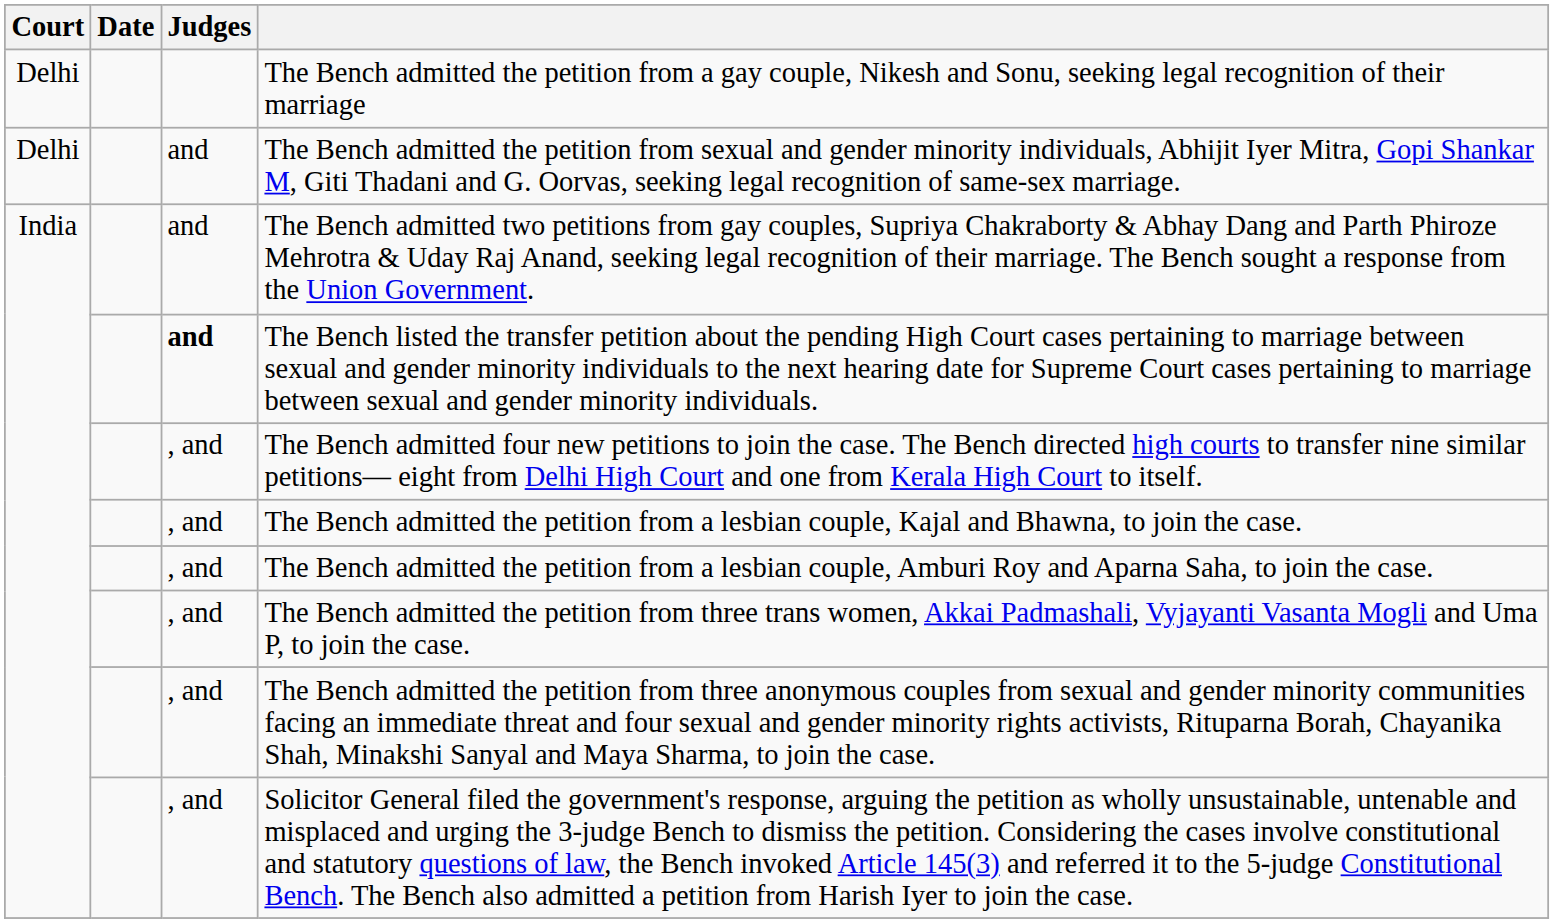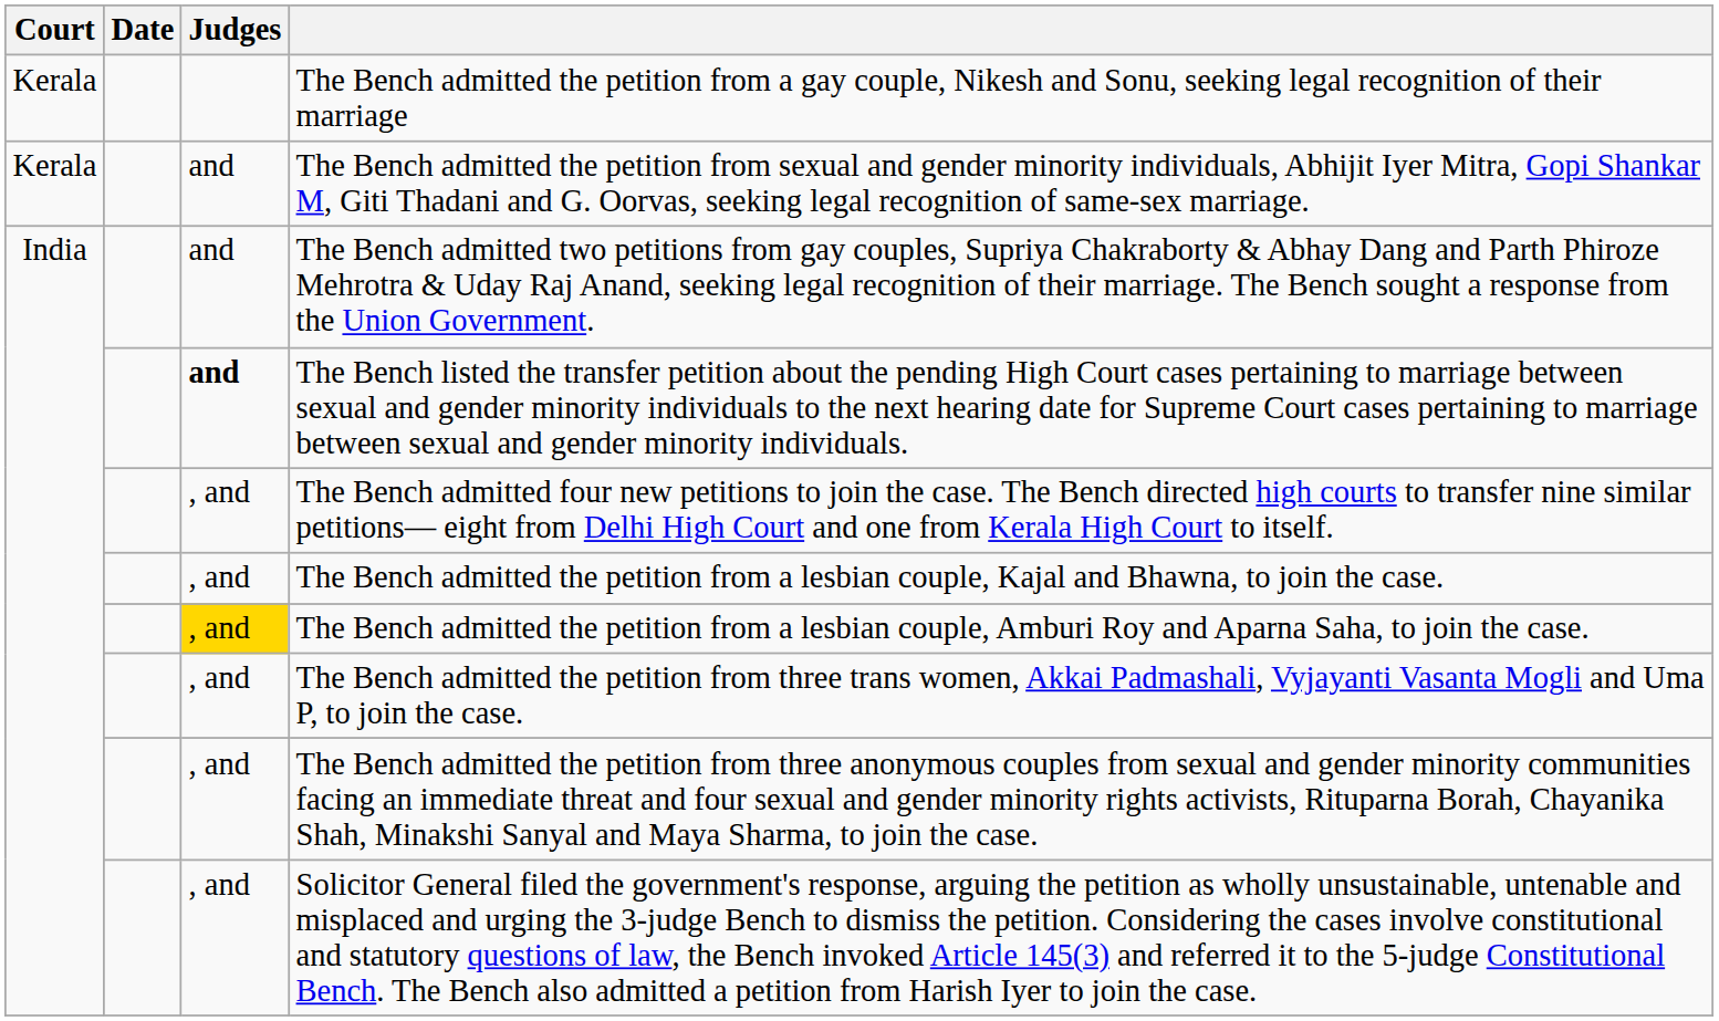 <table class="wikitable">
 <tr>
 <th>Court</th>
 <th>Date</th>
 <th>Judges</th>
 <th></th>
 </tr>
 <tr style="vertical-align: top;">
-<td style="text-align: center;"> Delhi</td>
+<td style="text-align: center;"> Kerala</td>
 <td></td>
 <td></td>
 <td>The Bench admitted the petition from a gay couple, Nikesh and Sonu, seeking legal recognition of their marriage</td>
 </tr>
 <tr style="vertical-align: top;">
-<td style="text-align: center;"> Delhi</td>
+<td style="text-align: center;"> Kerala</td>
 <td></td>
 <td> and </td>
 <td>The Bench admitted the petition from sexual and gender minority individuals, Abhijit Iyer Mitra, <a href='#'>Gopi Shankar M</a>, Giti Thadani and G. Oorvas, seeking legal recognition of same-sex marriage.</td>
 </tr>
 <tr style="vertical-align: top;">
 <td rowspan="8" style="text-align: center;"> India</td>
 <td></td>
 <td> and </td>
 <td>The Bench admitted two petitions from gay couples, Supriya Chakraborty & Abhay Dang and Parth Phiroze Mehrotra & Uday Raj Anand, seeking legal recognition of their marriage. The Bench sought a response from the <a href='#'>Union Government</a>.</td>
 </tr>
 <tr style="vertical-align: top;">
 <td></td>
 <td><strong> and </strong></td>
 <td>The Bench listed the transfer petition about the pending High Court cases pertaining to marriage between sexual and gender minority individuals to the next hearing date for Supreme Court cases pertaining to marriage between sexual and gender minority individuals.</td>
 </tr>
 <tr style="vertical-align: top;">
 <td></td>
 <td>,  and </td>
 <td>The Bench admitted four new petitions to join the case.  The Bench directed <a href='#'>high courts</a> to transfer nine similar petitions— eight from <a href='#'>Delhi High Court</a> and one from <a href='#'>Kerala High Court</a> to itself.</td>
 </tr>
 <tr style="vertical-align: top;">
 <td></td>
 <td>,  and </td>
 <td>The Bench admitted the petition from a lesbian couple, Kajal and Bhawna, to join the case.</td>
 </tr>
 <tr style="vertical-align: top;">
 <td></td>
-<td>,  and </td>
+<td style="background: gold;">,  and </td>
 <td>The Bench admitted the petition from a lesbian couple, Amburi Roy and Aparna Saha, to join the case.</td>
 </tr>
 <tr style="vertical-align: top;">
 <td></td>
 <td>,  and </td>
 <td>The Bench admitted the petition from three trans women, <a href='#'>Akkai Padmashali</a>, <a href='#'>Vyjayanti Vasanta Mogli</a> and Uma P, to join the case.</td>
 </tr>
 <tr style="vertical-align: top;">
 <td></td>
 <td>,  and </td>
 <td>The Bench admitted the petition from three anonymous couples from sexual and gender minority communities facing an immediate threat and four sexual and gender minority rights activists, Rituparna Borah, Chayanika Shah, Minakshi Sanyal and Maya Sharma, to join the case.</td>
 </tr>
 <tr style="vertical-align: top;">
 <td></td>
 <td>,  and </td>
 <td>Solicitor General filed the government's response, arguing the petition as wholly unsustainable, untenable and misplaced and urging the 3-judge Bench to dismiss the petition. Considering the cases involve constitutional and statutory <a href='#'>questions of law</a>, the Bench invoked <a href='#'>Article 145(3)</a> and referred it to the 5-judge <a href='#'>Constitutional Bench</a>. The Bench also admitted a petition from Harish Iyer to join the case.</td>
 </tr>
 </table>
